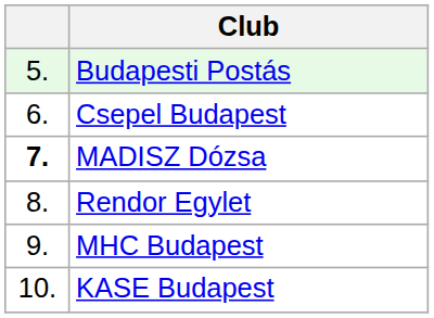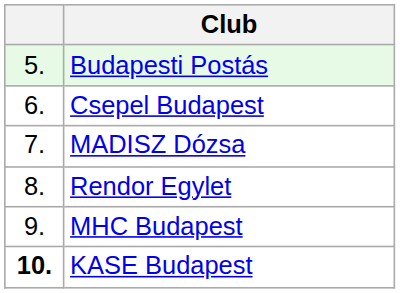 <table class="wikitable">
 <tr>
 <th width="30"></th>
 <th width="200">Club</th>
 </tr>
 <tr bgcolor="#e6fae6" align="center">
 <td>5.</td>
 <td align="left"><a href='#'>Budapesti Postás</a></td>
 </tr>
 <tr bgcolor="#FFFFFF" align="center">
 <td>6.</td>
 <td align="left"><a href='#'>Csepel Budapest</a></td>
 </tr>
 <tr bgcolor="#FFFFFF" align="center">
-<td><strong>7.</strong></td>
+<td>7.</td>
 <td align="left"><a href='#'>MADISZ Dózsa</a></td>
 </tr>
 <tr bgcolor="#FFFFFF" align="center">
 <td>8.</td>
 <td align="left"><a href='#'>Rendor Egylet</a></td>
 </tr>
 <tr bgcolor="#FFFFFF" align="center">
 <td>9.</td>
 <td align="left"><a href='#'>MHC Budapest</a></td>
 </tr>
 <tr bgcolor="#FFFFFF" align="center">
-<td>10.</td>
+<td><strong>10.</strong></td>
 <td align="left"><a href='#'>KASE Budapest</a></td>
 </tr>
 </table>
